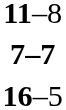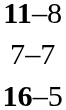 <table style="text-align:center" width=500>
 <tr>
 <th width=30%></th>
 <th width=10%></th>
 <th width=30%></th>
 <th width=10%></th>
 </tr>
 <tr>
 <td align="right"><strong></strong></td>
 <td><strong>11</strong>–8</td>
 <td align="left"></td>
 </tr>
 <tr>
 <td align="right"></td>
-<td><strong>7–7</strong></td>
+<td>7–7</td>
 <td align="left"></td>
 </tr>
 <tr>
 <td align="right"><strong></strong></td>
 <td><strong>16</strong>–5</td>
 <td align="left"></td>
 </tr>
 </table>
